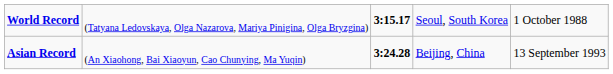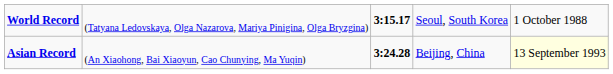 <table class="wikitable">
 <tr>
 <td><strong><a href='#'>World Record</a></strong></td>
 <td><br><small>(<a href='#'>Tatyana Ledovskaya</a>, <a href='#'>Olga Nazarova</a>, <a href='#'>Mariya Pinigina</a>, <a href='#'>Olga Bryzgina</a>)</small></td>
 <td><strong>3:15.17</strong></td>
 <td><a href='#'>Seoul</a>, <a href='#'>South Korea</a></td>
 <td>1 October 1988</td>
 </tr>
 <tr>
 <td><strong><a href='#'>Asian Record</a></strong></td>
 <td><br><small>(<a href='#'>An Xiaohong</a>, <a href='#'>Bai Xiaoyun</a>, <a href='#'>Cao Chunying</a>, <a href='#'>Ma Yuqin</a>)</small></td>
 <td><strong>3:24.28</strong></td>
 <td><a href='#'>Beijing</a>, <a href='#'>China</a></td>
-<td>13 September 1993</td>
+<td style="background: lightyellow;">13 September 1993</td>
 </tr>
 </table>
